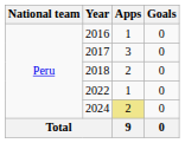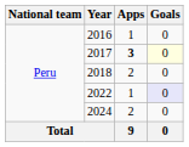 <table class="wikitable" style="text-align:center">
 <tr>
 <th>National team</th>
 <th>Year</th>
 <th>Apps</th>
 <th>Goals</th>
 </tr>
 <tr>
 <td rowspan="5"><a href='#'>Peru</a></td>
 <td>2016</td>
 <td>1</td>
 <td>0</td>
 </tr>
 <tr>
 <td>2017</td>
-<td>3</td>
-<td>0</td>
+<td><strong>3</strong></td>
+<td style="background: lightyellow;">0</td>
 </tr>
 <tr>
 <td>2018</td>
 <td>2</td>
 <td>0</td>
 </tr>
 <tr>
 <td>2022</td>
 <td>1</td>
-<td>0</td>
+<td style="background: lavender;">0</td>
 </tr>
 <tr>
 <td>2024</td>
-<td style="background: khaki;">2</td>
+<td>2</td>
 <td>0</td>
 </tr>
 <tr>
 <th colspan="2">Total</th>
 <th>9</th>
 <th>0</th>
 </tr>
 </table>
